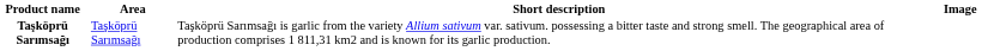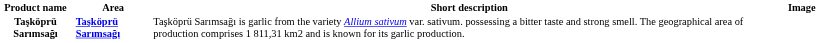 <table>
 <tr>
 <th>Product name</th>
 <th>Area</th>
 <th>Short description</th>
 <th>Image</th>
 </tr>
 <tr>
 <th>Taşköprü Sarımsağı</th>
-<td><a href='#'>Taşköprü Sarımsağı</a></td>
+<td><strong><a href='#'>Taşköprü Sarımsağı</a></strong></td>
 <td>Taşköprü Sarımsağı is garlic from the variety <em><a href='#'>Allium sativum</a></em> var. sativum. possessing a bitter taste and strong smell. The geographical area of production comprises 1 811,31 km2 and is known for its garlic production.</td>
 <td></td>
 </tr>
 <tr>
 </tr>
 </table>
